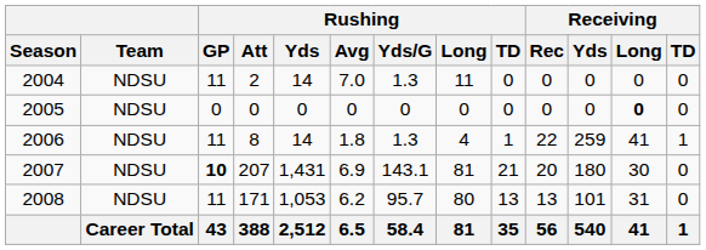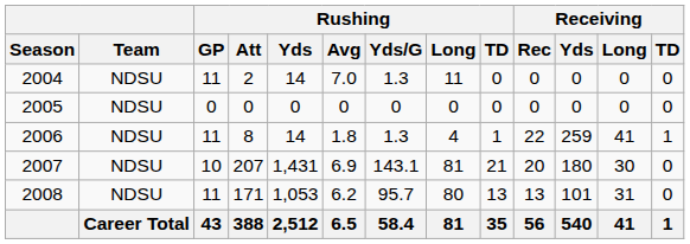 <table class="wikitable">
 <tr>
 <th colspan="2"> </th>
 <th colspan="7" align="center">Rushing</th>
 <th colspan="4" align="center">Receiving</th>
 </tr>
 <tr>
 <th>Season</th>
 <th>Team</th>
 <th>GP</th>
 <th>Att</th>
 <th>Yds</th>
 <th>Avg</th>
 <th>Yds/G</th>
 <th>Long</th>
 <th>TD</th>
 <th>Rec</th>
 <th>Yds</th>
 <th>Long</th>
 <th>TD</th>
 </tr>
 <tr style="text-align:center;">
 <td>2004</td>
 <td>NDSU</td>
 <td>11</td>
 <td>2</td>
 <td>14</td>
 <td>7.0</td>
 <td>1.3</td>
 <td>11</td>
 <td>0</td>
 <td>0</td>
 <td>0</td>
 <td>0</td>
 <td>0</td>
 </tr>
 <tr style="text-align:center;">
 <td>2005</td>
 <td>NDSU</td>
 <td>0</td>
 <td>0</td>
 <td>0</td>
 <td>0</td>
 <td>0</td>
 <td>0</td>
 <td>0</td>
 <td>0</td>
 <td>0</td>
-<td><strong>0</strong></td>
+<td>0</td>
 <td>0</td>
 </tr>
 <tr style="text-align:center;">
 <td>2006</td>
 <td>NDSU</td>
 <td>11</td>
 <td>8</td>
 <td>14</td>
 <td>1.8</td>
 <td>1.3</td>
 <td>4</td>
 <td>1</td>
 <td>22</td>
 <td>259</td>
 <td>41</td>
 <td>1</td>
 </tr>
 <tr style="text-align:center;">
 <td>2007</td>
 <td>NDSU</td>
-<td><strong>10</strong></td>
+<td>10</td>
 <td>207</td>
 <td>1,431</td>
 <td>6.9</td>
 <td>143.1</td>
 <td>81</td>
 <td>21</td>
 <td>20</td>
 <td>180</td>
 <td>30</td>
 <td>0</td>
 </tr>
 <tr style="text-align:center;">
 <td>2008</td>
 <td>NDSU</td>
 <td>11</td>
 <td>171</td>
 <td>1,053</td>
 <td>6.2</td>
 <td>95.7</td>
 <td>80</td>
 <td>13</td>
 <td>13</td>
 <td>101</td>
 <td>31</td>
 <td>0</td>
 </tr>
 <tr>
 <th></th>
 <th>Career Total</th>
 <th>43</th>
 <th>388</th>
 <th>2,512</th>
 <th>6.5</th>
 <th>58.4</th>
 <th>81</th>
 <th>35</th>
 <th>56</th>
 <th>540</th>
 <th>41</th>
 <th>1</th>
 </tr>
 </table>
